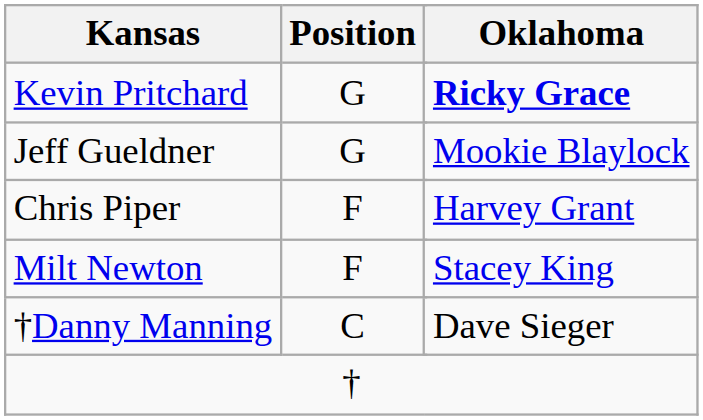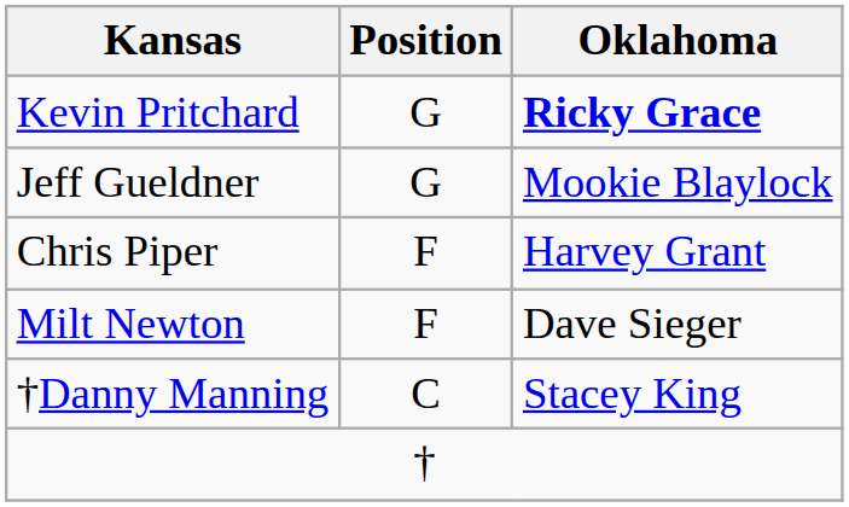 <table class="wikitable">
 <tr>
 <th>Kansas</th>
 <th colspan="2">Position</th>
 <th>Oklahoma</th>
 </tr>
 <tr>
 <td><a href='#'>Kevin Pritchard</a></td>
 <td colspan=2 style="text-align:center">G</td>
 <td><strong><a href='#'>Ricky Grace</a></strong></td>
 </tr>
 <tr>
 <td>Jeff Gueldner</td>
 <td colspan=2 style="text-align:center">G</td>
 <td><a href='#'>Mookie Blaylock</a></td>
 </tr>
 <tr>
 <td>Chris Piper</td>
 <td colspan=2 style="text-align:center">F</td>
 <td><a href='#'>Harvey Grant</a></td>
 </tr>
 <tr>
 <td><a href='#'>Milt Newton</a></td>
 <td colspan=2 style="text-align:center">F</td>
-<td><a href='#'>Stacey King</a></td>
+<td>Dave Sieger</td>
 </tr>
 <tr>
 <td>†<a href='#'>Danny Manning</a></td>
 <td colspan=2 style="text-align:center">C</td>
-<td>Dave Sieger</td>
+<td><a href='#'>Stacey King</a></td>
 </tr>
 <tr>
 <td colspan="5" align=center>† </td>
 </tr>
 </table>
